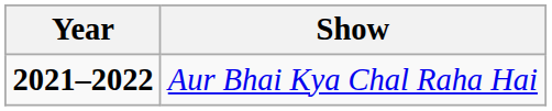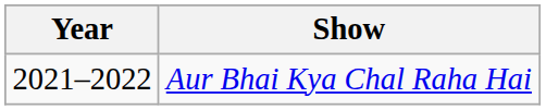 <table class="wikitable">
 <tr>
 <th>Year</th>
 <th>Show</th>
 </tr>
 <tr>
-<td><strong>2021–2022</strong></td>
+<td>2021–2022</td>
 <td><em><a href='#'>Aur Bhai Kya Chal Raha Hai</a></em></td>
 </tr>
 </table>
